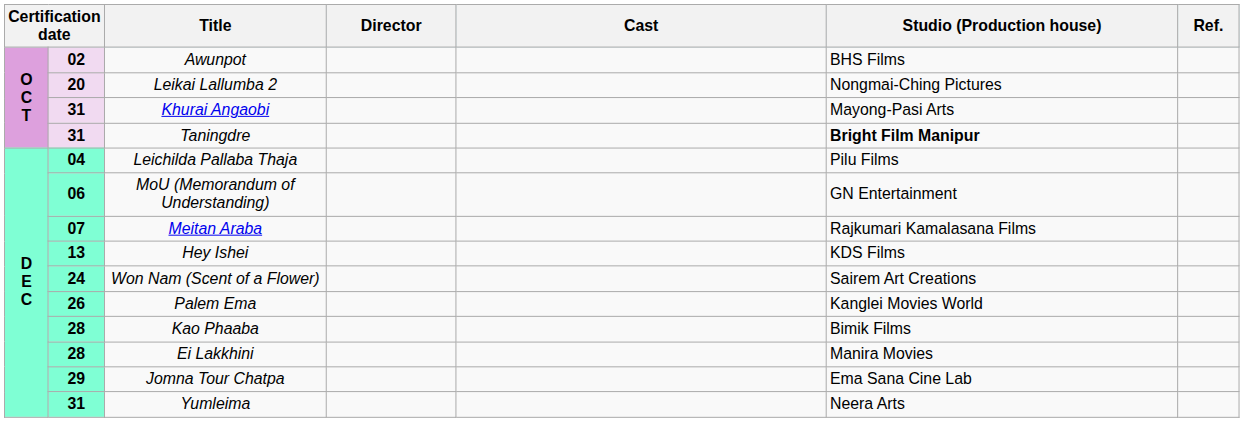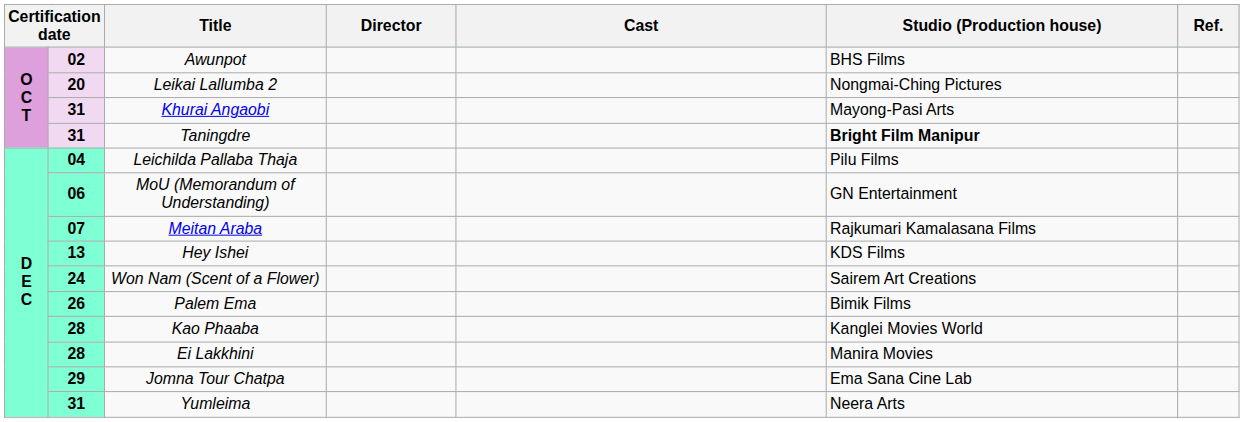 <table class="wikitable">
 <tr style="background:#b0e0e6; text-align:center;">
 <th colspan="2" style="width:6%;"><strong>Certification date</strong></th>
 <th style="width:18%;"><strong>Title</strong></th>
 <th style="width:10.5%;"><strong>Director</strong></th>
 <th style="width:30%;"><strong>Cast</strong></th>
 <th><strong>Studio (Production house)</strong></th>
 <th>Ref.</th>
 </tr>
 <tr October>
 <td rowspan="4" style="text-align:center; background:plum; textcolor:#000;"><strong>O<br>C<br>T</strong></td>
 <td rowspan="1" style="text-align:center;background:#f1daf1;"><strong>02</strong></td>
 <td style="text-align:center;"><em>Awunpot</em></td>
 <td></td>
 <td></td>
 <td>BHS Films</td>
 <td></td>
 </tr>
 <tr>
 <td rowspan="1" style="text-align:center;background:#f1daf1;"><strong>20</strong></td>
 <td style="text-align:center;"><em>Leikai Lallumba 2</em></td>
 <td></td>
 <td></td>
 <td>Nongmai-Ching Pictures</td>
 <td></td>
 </tr>
 <tr>
 <td rowspan="1" style="text-align:center;background:#f1daf1;"><strong>31</strong></td>
 <td style="text-align:center;"><em><a href='#'>Khurai Angaobi</a></em></td>
 <td></td>
 <td></td>
 <td>Mayong-Pasi Arts</td>
 <td></td>
 </tr>
 <tr>
 <td rowspan="1" style="text-align:center;background:#f1daf1;"><strong>31</strong></td>
 <td style="text-align:center;"><em>Taningdre</em></td>
 <td></td>
 <td></td>
 <td><strong>Bright Film Manipur</strong></td>
 <td></td>
 </tr>
 <tr December>
 <td rowspan="10" style="text-align:center; background:#7FFFD4; textcolor:#000;"><strong>D<br>E<br>C</strong></td>
 <td rowspan="1" style="text-align:center;background:#7FFFD4;"><strong>04</strong></td>
 <td style="text-align:center;"><em>Leichilda Pallaba Thaja</em></td>
 <td></td>
 <td></td>
 <td>Pilu Films</td>
 <td></td>
 </tr>
 <tr>
 <td rowspan="1" style="text-align:center;background:#7FFFD4;"><strong>06</strong></td>
 <td style="text-align:center;"><em>MoU (Memorandum of Understanding)</em></td>
 <td></td>
 <td></td>
 <td>GN Entertainment</td>
 <td></td>
 </tr>
 <tr>
 <td rowspan="1" style="text-align:center;background:#7FFFD4;"><strong>07</strong></td>
 <td style="text-align:center;"><em><a href='#'>Meitan Araba</a></em></td>
 <td></td>
 <td></td>
 <td>Rajkumari Kamalasana Films</td>
 <td></td>
 </tr>
 <tr>
 <td rowspan="1" style="text-align:center;background:#7FFFD4;"><strong>13</strong></td>
 <td style="text-align:center;"><em>Hey Ishei</em></td>
 <td></td>
 <td></td>
 <td>KDS Films</td>
 <td></td>
 </tr>
 <tr>
 <td rowspan="1" style="text-align:center;background:#7FFFD4;"><strong>24</strong></td>
 <td style="text-align:center;"><em>Won Nam (Scent of a Flower)</em></td>
 <td></td>
 <td></td>
 <td>Sairem Art Creations</td>
 <td></td>
 </tr>
 <tr>
 <td rowspan="1" style="text-align:center;background:#7FFFD4;"><strong>26</strong></td>
 <td style="text-align:center;"><em>Palem Ema</em></td>
 <td></td>
 <td></td>
-<td>Kanglei Movies World</td>
+<td>Bimik Films</td>
 <td></td>
 </tr>
 <tr>
 <td rowspan="1" style="text-align:center;background:#7FFFD4;"><strong>28</strong></td>
 <td style="text-align:center;"><em>Kao Phaaba</em></td>
 <td></td>
 <td></td>
-<td>Bimik Films</td>
+<td>Kanglei Movies World</td>
 <td></td>
 </tr>
 <tr>
 <td rowspan="1" style="text-align:center;background:#7FFFD4;"><strong>28</strong></td>
 <td style="text-align:center;"><em>Ei Lakkhini</em></td>
 <td></td>
 <td></td>
 <td>Manira Movies</td>
 <td></td>
 </tr>
 <tr>
 <td rowspan="1" style="text-align:center;background:#7FFFD4;"><strong>29</strong></td>
 <td style="text-align:center;"><em>Jomna Tour Chatpa</em></td>
 <td></td>
 <td></td>
 <td>Ema Sana Cine Lab</td>
 <td></td>
 </tr>
 <tr>
 <td rowspan="1" style="text-align:center;background:#7FFFD4;"><strong>31</strong></td>
 <td style="text-align:center;"><em>Yumleima</em></td>
 <td></td>
 <td></td>
 <td>Neera Arts</td>
 <td></td>
 </tr>
 </table>
